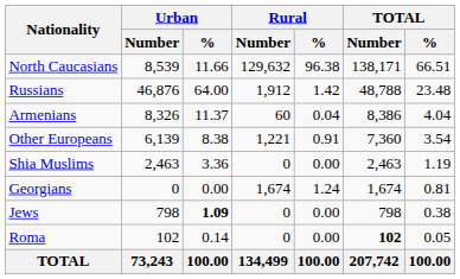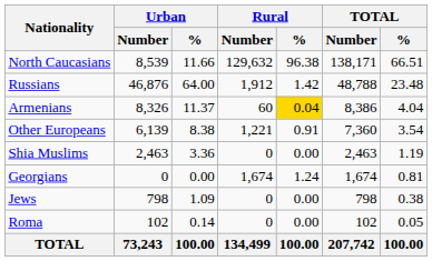 <table class="wikitable sortable">
 <tr>
 <th rowspan="2">Nationality</th>
 <th colspan="2"><a href='#'>Urban</a></th>
 <th colspan="2"><a href='#'>Rural</a></th>
 <th colspan="2">TOTAL</th>
 </tr>
 <tr>
 <th>Number</th>
 <th>%</th>
 <th>Number</th>
 <th>%</th>
 <th>Number</th>
 <th>%</th>
 </tr>
 <tr>
 <td><a href='#'>North Caucasians</a></td>
 <td align="right">8,539</td>
 <td align="right">11.66</td>
 <td align="right">129,632</td>
 <td align="right">96.38</td>
 <td align="right">138,171</td>
 <td align="right">66.51</td>
 </tr>
 <tr>
 <td><a href='#'>Russians</a></td>
 <td align="right">46,876</td>
 <td align="right">64.00</td>
 <td align="right">1,912</td>
 <td align="right">1.42</td>
 <td align="right">48,788</td>
 <td align="right">23.48</td>
 </tr>
 <tr>
 <td><a href='#'>Armenians</a></td>
 <td align="right">8,326</td>
 <td align="right">11.37</td>
 <td align="right">60</td>
-<td align="right">0.04</td>
+<td align="right" style="background: gold;">0.04</td>
 <td align="right">8,386</td>
 <td align="right">4.04</td>
 </tr>
 <tr>
 <td><a href='#'>Other Europeans</a></td>
 <td align="right">6,139</td>
 <td align="right">8.38</td>
 <td align="right">1,221</td>
 <td align="right">0.91</td>
 <td align="right">7,360</td>
 <td align="right">3.54</td>
 </tr>
 <tr>
 <td><a href='#'>Shia Muslims</a></td>
 <td align="right">2,463</td>
 <td align="right">3.36</td>
 <td align="right">0</td>
 <td align="right">0.00</td>
 <td align="right">2,463</td>
 <td align="right">1.19</td>
 </tr>
 <tr>
 <td><a href='#'>Georgians</a></td>
 <td align="right">0</td>
 <td align="right">0.00</td>
 <td align="right">1,674</td>
 <td align="right">1.24</td>
 <td align="right">1,674</td>
 <td align="right">0.81</td>
 </tr>
 <tr>
 <td><a href='#'>Jews</a></td>
 <td align="right">798</td>
-<td align="right"><strong>1.09</strong></td>
+<td align="right">1.09</td>
 <td align="right">0</td>
 <td align="right">0.00</td>
 <td align="right">798</td>
 <td align="right">0.38</td>
 </tr>
 <tr>
 <td><a href='#'>Roma</a></td>
 <td align="right">102</td>
 <td align="right">0.14</td>
 <td align="right">0</td>
 <td align="right">0.00</td>
-<td align="right"><strong>102</strong></td>
+<td align="right">102</td>
 <td align="right">0.05</td>
 </tr>
 <tr>
 <th>TOTAL</th>
 <th>73,243</th>
 <th>100.00</th>
 <th>134,499</th>
 <th>100.00</th>
 <th>207,742</th>
 <th>100.00</th>
 </tr>
 </table>
